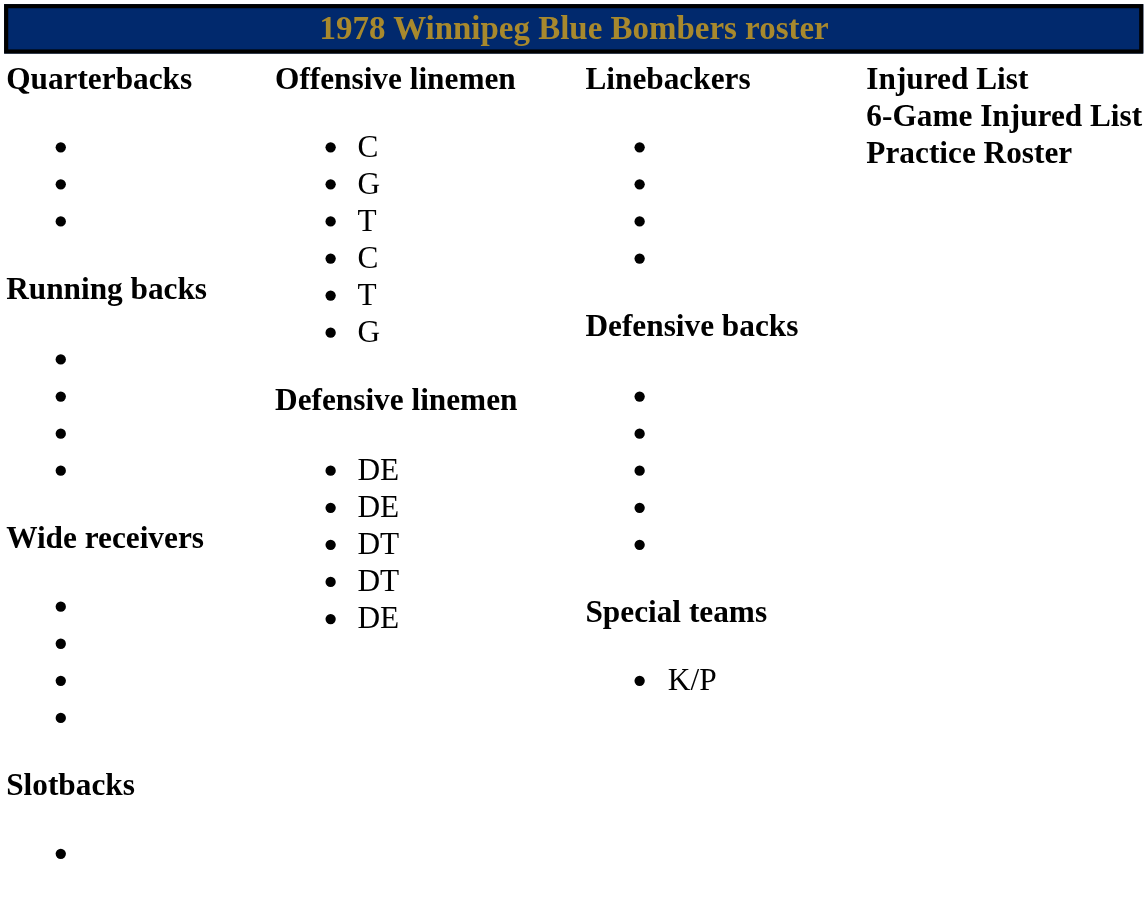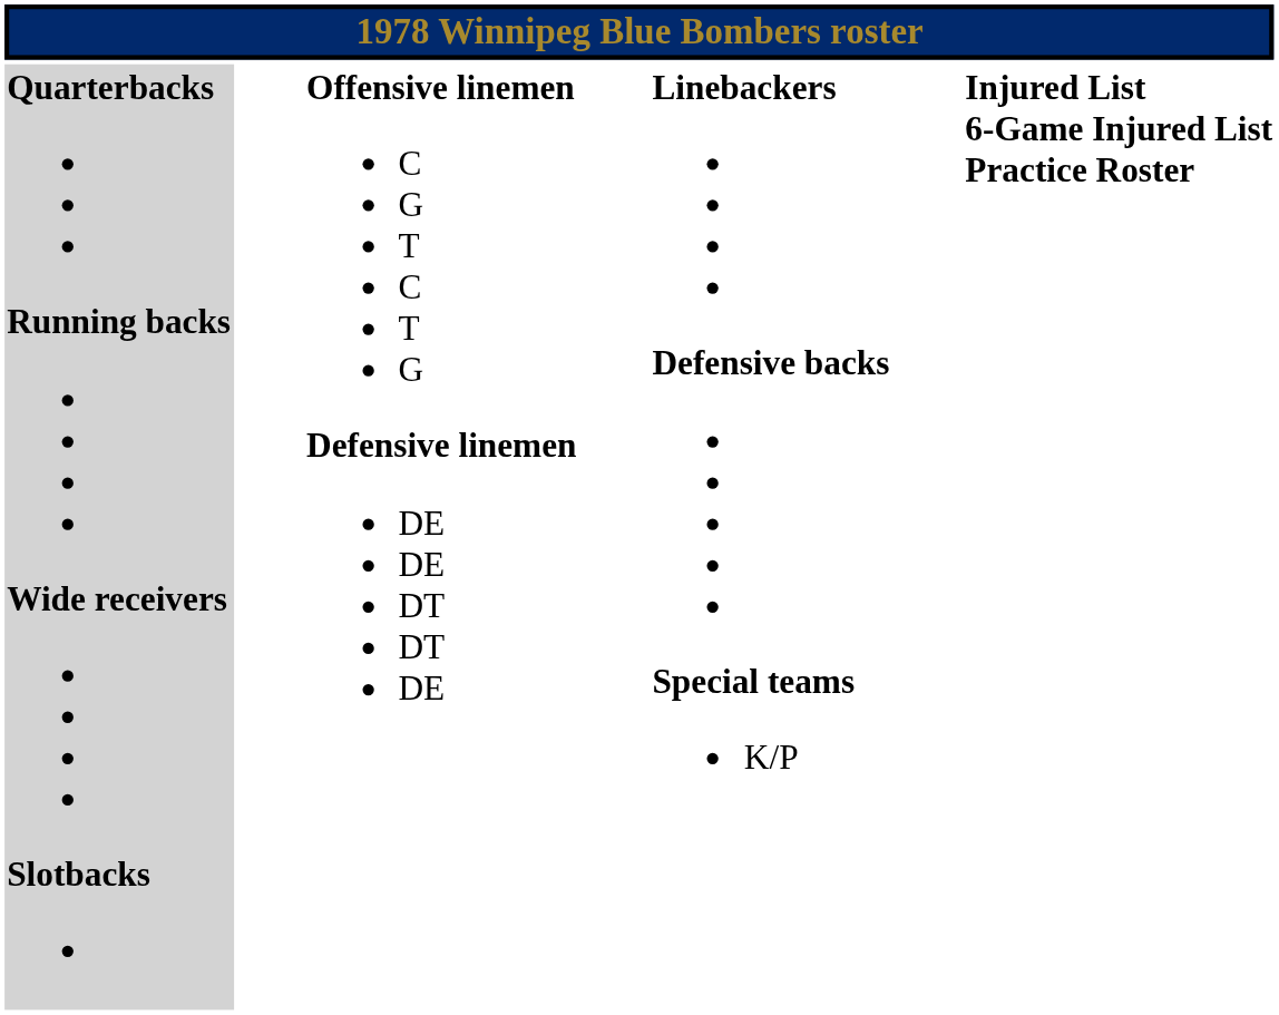 <table class="toccolours" style="text-align: left;">
 <tr>
 <th colspan="9" style="background-color:#01296D; color:#A8892D;; border:2px solid black; text-align: center">1978 Winnipeg Blue Bombers roster</th>
 </tr>
 <tr>
-<td style="font-size: 95%;vertical-align:top;"><strong>Quarterbacks</strong><br><ul><li></li><li></li><li></li></ul><strong>Running backs</strong><ul><li></li><li></li><li></li><li></li></ul><strong>Wide receivers</strong><ul><li></li><li></li><li></li><li></li></ul><strong>Slotbacks</strong><ul><li></li></ul></td>
+<td style="background: lightgrey; font-size: 95%;vertical-align:top;"><strong>Quarterbacks</strong><br><ul><li></li><li></li><li></li></ul><strong>Running backs</strong><ul><li></li><li></li><li></li><li></li></ul><strong>Wide receivers</strong><ul><li></li><li></li><li></li><li></li></ul><strong>Slotbacks</strong><ul><li></li></ul></td>
 <td style="width: 25px;"></td>
 <td style="font-size: 95%;vertical-align:top;"><strong>Offensive linemen</strong><br><ul><li> C</li><li> G</li><li> T</li><li> C</li><li> T</li><li> G</li></ul><strong>Defensive linemen</strong><ul><li> DE</li><li> DE</li><li> DT</li><li> DT</li><li> DE</li></ul></td>
 <td style="width: 25px;"></td>
 <td style="font-size: 95%;vertical-align:top;"><strong>Linebackers </strong><br><ul><li></li><li></li><li></li><li></li></ul><strong>Defensive backs</strong><ul><li></li><li></li><li></li><li></li><li></li></ul><strong>Special teams</strong><ul><li> K/P</li></ul></td>
 <td style="width: 25px;"></td>
 <td style="font-size: 95%;vertical-align:top;"><strong>Injured List</strong><br><strong>6-Game Injured List</strong><br><strong>Practice Roster</strong><br></td>
 </tr>
 <tr>
 </tr>
 </table>
